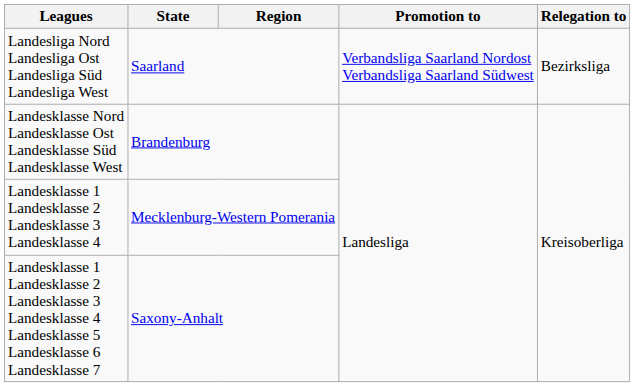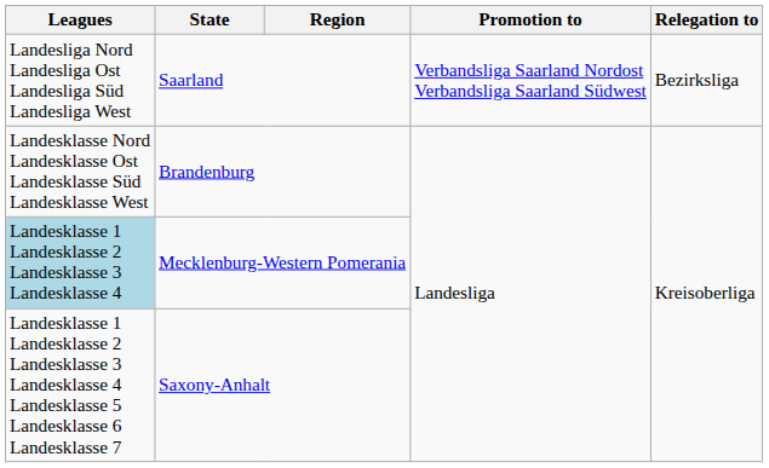 <table class="wikitable">
 <tr>
 <th>Leagues</th>
 <th>State</th>
 <th>Region</th>
 <th>Promotion to</th>
 <th>Relegation to</th>
 </tr>
 <tr>
 <td>Landesliga Nord<br>Landesliga Ost<br>Landesliga Süd<br>Landesliga West</td>
 <td colspan=2><a href='#'>Saarland</a></td>
 <td><a href='#'>Verbandsliga Saarland Nordost</a><br><a href='#'>Verbandsliga Saarland Südwest</a></td>
 <td>Bezirksliga</td>
 </tr>
 <tr>
 <td>Landesklasse Nord<br>Landesklasse Ost<br>Landesklasse Süd <br>Landesklasse West</td>
 <td colspan=2><a href='#'>Brandenburg</a></td>
 <td rowspan=3>Landesliga</td>
 <td rowspan=3>Kreisoberliga</td>
 </tr>
 <tr>
-<td>Landesklasse 1<br>Landesklasse 2<br>Landesklasse 3<br>Landesklasse 4</td>
+<td style="background: lightblue;">Landesklasse 1<br>Landesklasse 2<br>Landesklasse 3<br>Landesklasse 4</td>
 <td colspan=2><a href='#'>Mecklenburg-Western Pomerania</a></td>
 </tr>
 <tr>
 <td>Landesklasse 1<br>Landesklasse 2<br>Landesklasse 3<br>Landesklasse 4<br>Landesklasse 5<br>Landesklasse 6<br>Landesklasse 7</td>
 <td colspan=2><a href='#'>Saxony-Anhalt</a></td>
 </tr>
 </table>
